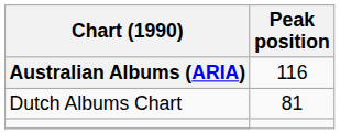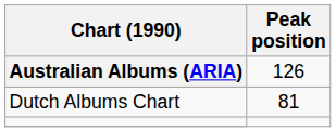 <table class="wikitable">
 <tr>
 <th>Chart (1990)</th>
 <th>Peak<br>position</th>
 </tr>
 <tr>
 <th scope="row">Australian Albums (<a href='#'>ARIA</a>)</th>
-<td align="center">116</td>
+<td align="center">126</td>
 </tr>
 <tr>
 <td>Dutch Albums Chart</td>
 <td style="text-align:center;">81</td>
 </tr>
 <tr>
 <td></td>
 </tr>
 <tr>
 </tr>
 </table>
